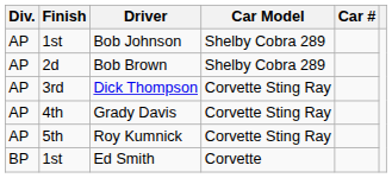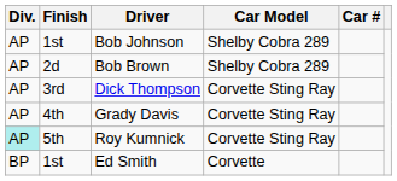 <table class="wikitable">
 <tr>
 <th>Div.</th>
 <th>Finish</th>
 <th>Driver</th>
 <th>Car Model</th>
 <th>Car #</th>
 <th></th>
 </tr>
 <tr>
 <td>AP</td>
 <td>1st</td>
 <td>Bob Johnson</td>
 <td>Shelby Cobra 289</td>
 <td></td>
 </tr>
 <tr>
 <td>AP</td>
 <td>2d</td>
 <td>Bob Brown</td>
 <td>Shelby Cobra 289</td>
 <td></td>
 </tr>
 <tr>
 <td>AP</td>
 <td>3rd</td>
 <td><a href='#'>Dick Thompson</a></td>
 <td>Corvette Sting Ray</td>
 <td></td>
 </tr>
 <tr>
 <td>AP</td>
 <td>4th</td>
 <td>Grady Davis</td>
 <td>Corvette Sting Ray</td>
 <td></td>
 </tr>
 <tr>
-<td>AP</td>
+<td style="background: paleturquoise;">AP</td>
 <td>5th</td>
 <td>Roy Kumnick</td>
 <td>Corvette Sting Ray</td>
 <td></td>
 </tr>
 <tr>
 <td>BP</td>
 <td>1st</td>
 <td>Ed Smith</td>
 <td>Corvette</td>
 <td></td>
 </tr>
 </table>
